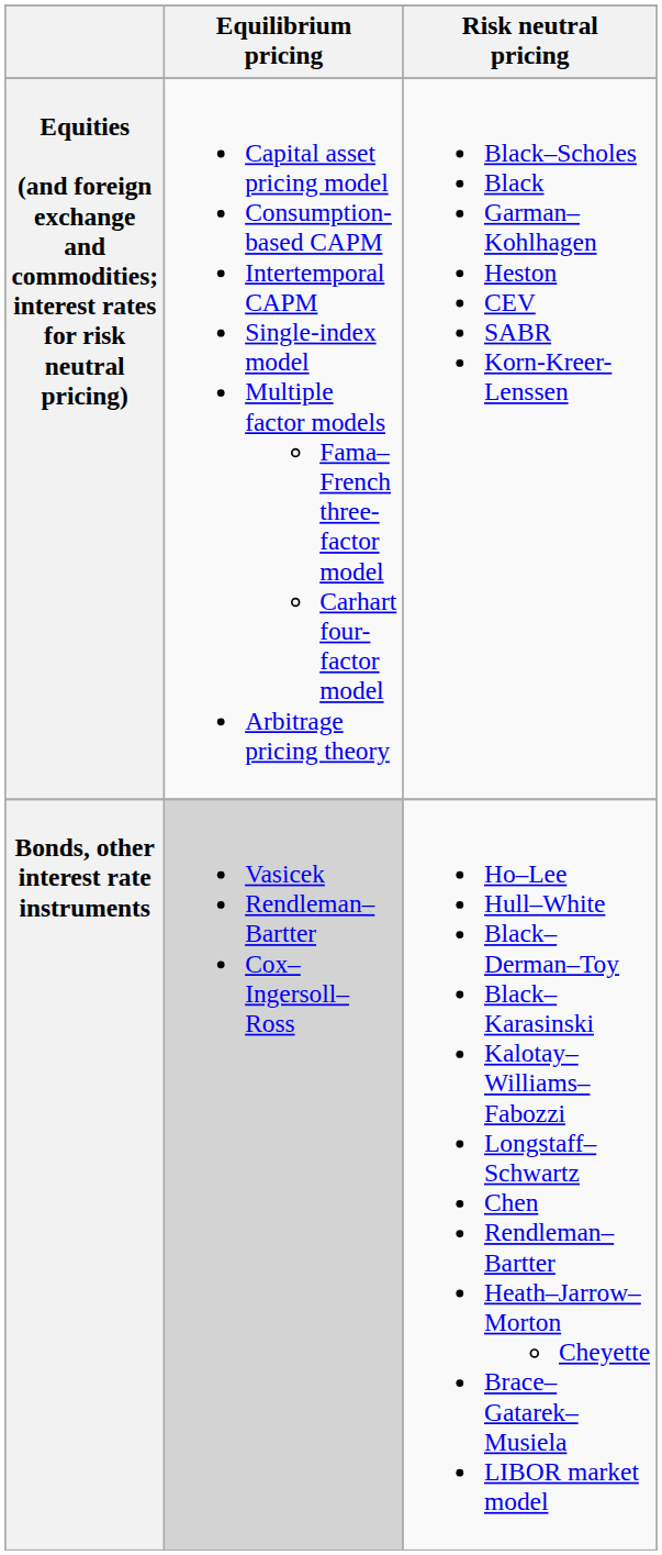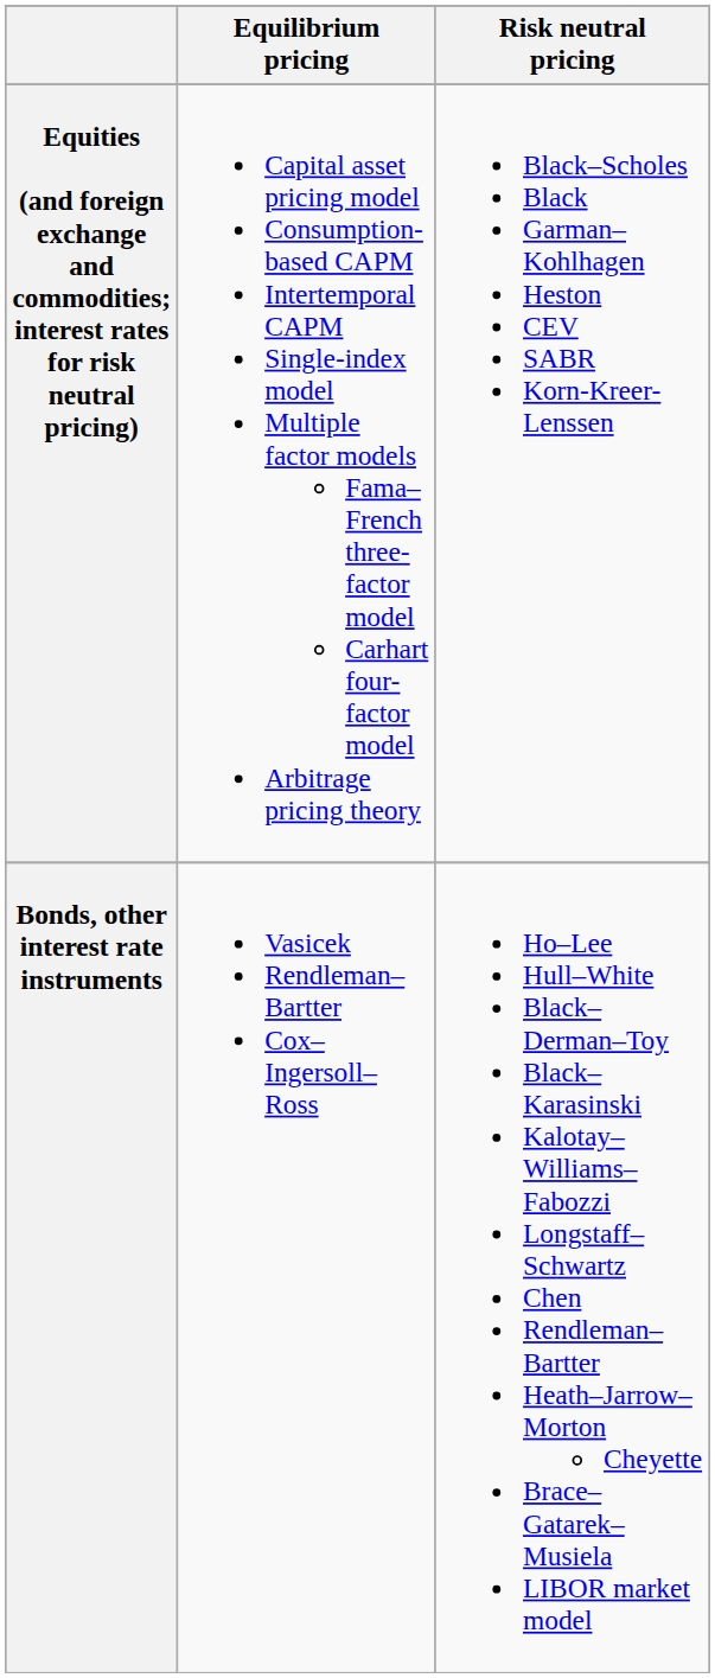 <table class="wikitable floatright" style="width: 350px;">
 <tr style="font-size: 86%;">
 </tr>
 <tr>
 </tr>
 <tr style="font-size: 86%;">
 <th></th>
 <th scope="col" style="width: 150px;">Equilibrium <br>pricing</th>
 <th scope="col" style="width: 150px;">Risk neutral <br>pricing</th>
 </tr>
 <tr>
 </tr>
 <tr style="font-size: 86%; vertical-align: top;">
 <th><br>Equities <br><br>(and foreign exchange and commodities; interest rates for risk neutral pricing)</th>
 <td><br><ul><li><a href='#'>Capital asset pricing model</a></li><li><a href='#'>Consumption-based CAPM</a></li><li><a href='#'>Intertemporal CAPM</a></li><li><a href='#'>Single-index model</a></li><li><a href='#'>Multiple factor models</a><ul><li><a href='#'>Fama–French three-factor model</a></li><li><a href='#'>Carhart four-factor model</a></li></ul></li><li><a href='#'>Arbitrage pricing theory</a></li></ul></td>
 <td><br><ul><li><a href='#'>Black–Scholes</a></li><li><a href='#'>Black</a></li><li><a href='#'>Garman–Kohlhagen</a></li><li><a href='#'>Heston</a></li><li><a href='#'>CEV</a></li><li><a href='#'>SABR</a></li><li><a href='#'>Korn-Kreer-Lenssen</a></li></ul></td>
 </tr>
 <tr>
 </tr>
 <tr style="font-size: 86%; vertical-align: top;">
 <th><br>Bonds, other interest rate instruments</th>
-<td style="background: lightgrey;"><br><ul><li><a href='#'>Vasicek</a></li><li><a href='#'>Rendleman–Bartter</a></li><li><a href='#'>Cox–Ingersoll–Ross</a></li></ul></td>
+<td><br><ul><li><a href='#'>Vasicek</a></li><li><a href='#'>Rendleman–Bartter</a></li><li><a href='#'>Cox–Ingersoll–Ross</a></li></ul></td>
 <td><br><ul><li><a href='#'>Ho–Lee</a></li><li><a href='#'>Hull–White</a></li><li><a href='#'>Black–Derman–Toy</a></li><li><a href='#'>Black–Karasinski</a></li><li><a href='#'>Kalotay–Williams–Fabozzi</a></li><li><a href='#'>Longstaff–Schwartz</a></li><li><a href='#'>Chen</a></li><li><a href='#'>Rendleman–Bartter</a></li><li><a href='#'>Heath–Jarrow–Morton</a><ul><li><a href='#'>Cheyette</a></li></ul></li><li><a href='#'>Brace–Gatarek–Musiela</a></li><li><a href='#'>LIBOR market model</a></li></ul></td>
 </tr>
 </table>
